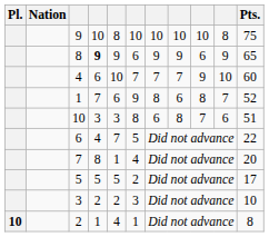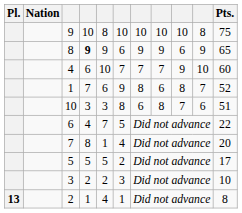 <table class="wikitable sortable" style="text-align:center">
 <tr>
 <th>Pl.</th>
 <th>Nation</th>
 <th></th>
 <th></th>
 <th></th>
 <th></th>
 <th></th>
 <th></th>
 <th></th>
 <th></th>
 <th>Pts.</th>
 </tr>
 <tr>
 <th></th>
 <td align=left></td>
 <td>9</td>
 <td>10</td>
 <td>8</td>
 <td>10</td>
 <td>10</td>
 <td>10</td>
 <td>10</td>
 <td>8</td>
 <td>75</td>
 </tr>
 <tr>
 <th></th>
 <td align=left></td>
 <td>8</td>
 <td><strong>9</strong></td>
 <td>9</td>
 <td>6</td>
 <td>9</td>
 <td>9</td>
 <td>6</td>
 <td>9</td>
 <td>65</td>
 </tr>
 <tr>
 <th></th>
 <td align=left></td>
 <td>4</td>
 <td>6</td>
 <td>10</td>
 <td>7</td>
 <td>7</td>
 <td>7</td>
 <td>9</td>
 <td>10</td>
 <td>60</td>
 </tr>
 <tr>
 <th></th>
 <td align=left></td>
 <td>1</td>
 <td>7</td>
 <td>6</td>
 <td>9</td>
 <td>8</td>
 <td>6</td>
 <td>8</td>
 <td>7</td>
 <td>52</td>
 </tr>
 <tr>
 <th></th>
 <td align=left></td>
 <td>10</td>
 <td>3</td>
 <td>3</td>
 <td>8</td>
 <td>6</td>
 <td>8</td>
 <td>7</td>
 <td>6</td>
 <td>51</td>
 </tr>
 <tr>
 <th></th>
 <td align=left></td>
 <td>6</td>
 <td>4</td>
 <td>7</td>
 <td>5</td>
 <td colspan=4><em>Did not advance</em></td>
 <td>22</td>
 </tr>
 <tr>
 <th></th>
 <td align=left></td>
 <td>7</td>
 <td>8</td>
 <td>1</td>
 <td>4</td>
 <td colspan=4><em>Did not advance</em></td>
 <td>20</td>
 </tr>
 <tr>
 <th></th>
 <td align=left></td>
 <td>5</td>
 <td>5</td>
 <td>5</td>
 <td>2</td>
 <td colspan=4><em>Did not advance</em></td>
 <td>17</td>
 </tr>
 <tr>
 <th></th>
 <td align=left></td>
 <td>3</td>
 <td>2</td>
 <td>2</td>
 <td>3</td>
 <td colspan=4><em>Did not advance</em></td>
 <td>10</td>
 </tr>
 <tr>
-<th>10</th>
+<th>13</th>
 <td align=left></td>
 <td>2</td>
 <td>1</td>
 <td>4</td>
 <td>1</td>
 <td colspan=4><em>Did not advance</em></td>
 <td>8</td>
 </tr>
 </table>
